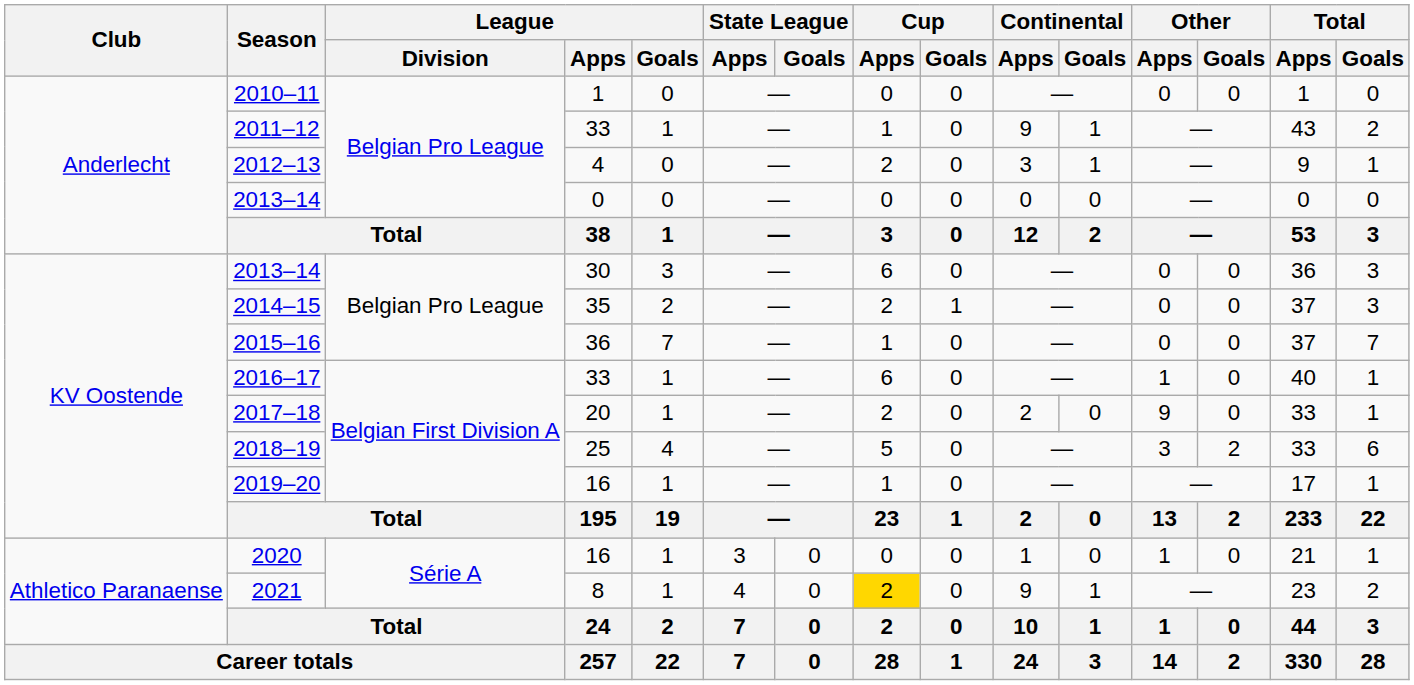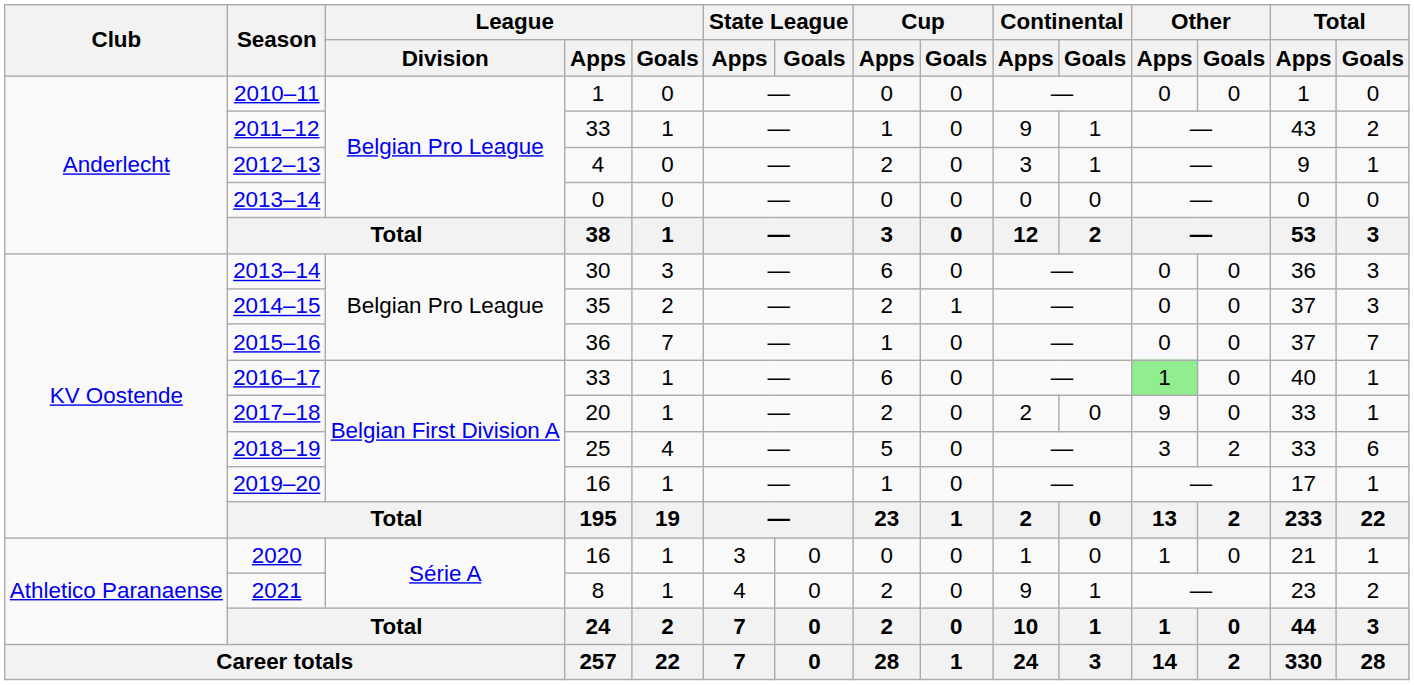 <table class="wikitable" style="text-align: center">
 <tr>
 <th rowspan=2>Club</th>
 <th rowspan=2>Season</th>
 <th colspan=3>League</th>
 <th colspan=2>State League</th>
 <th colspan=2>Cup</th>
 <th colspan=2>Continental</th>
 <th colspan=2>Other</th>
 <th colspan=2>Total</th>
 </tr>
 <tr>
 <th>Division</th>
 <th>Apps</th>
 <th>Goals</th>
 <th>Apps</th>
 <th>Goals</th>
 <th>Apps</th>
 <th>Goals</th>
 <th>Apps</th>
 <th>Goals</th>
 <th>Apps</th>
 <th>Goals</th>
 <th>Apps</th>
 <th>Goals</th>
 </tr>
 <tr>
 <td rowspan=5><a href='#'>Anderlecht</a></td>
 <td><a href='#'>2010–11</a></td>
 <td rowspan=4><a href='#'>Belgian Pro League</a></td>
 <td>1</td>
 <td>0</td>
 <td colspan="2">—</td>
 <td>0</td>
 <td>0</td>
 <td colspan="2">—</td>
 <td>0</td>
 <td>0</td>
 <td>1</td>
 <td>0</td>
 </tr>
 <tr>
 <td><a href='#'>2011–12</a></td>
 <td>33</td>
 <td>1</td>
 <td colspan="2">—</td>
 <td>1</td>
 <td>0</td>
 <td>9</td>
 <td>1</td>
 <td colspan="2">—</td>
 <td>43</td>
 <td>2</td>
 </tr>
 <tr>
 <td><a href='#'>2012–13</a></td>
 <td>4</td>
 <td>0</td>
 <td colspan="2">—</td>
 <td>2</td>
 <td>0</td>
 <td>3</td>
 <td>1</td>
 <td colspan="2">—</td>
 <td>9</td>
 <td>1</td>
 </tr>
 <tr>
 <td><a href='#'>2013–14</a></td>
 <td>0</td>
 <td>0</td>
 <td colspan="2">—</td>
 <td>0</td>
 <td>0</td>
 <td>0</td>
 <td>0</td>
 <td colspan="2">—</td>
 <td>0</td>
 <td>0</td>
 </tr>
 <tr>
 <th colspan=2>Total</th>
 <th>38</th>
 <th>1</th>
 <th colspan="2">—</th>
 <th>3</th>
 <th>0</th>
 <th>12</th>
 <th>2</th>
 <th colspan="2">—</th>
 <th>53</th>
 <th>3</th>
 </tr>
 <tr>
 <td rowspan=8><a href='#'>KV Oostende</a></td>
 <td><a href='#'>2013–14</a></td>
 <td rowspan=3>Belgian Pro League</td>
 <td>30</td>
 <td>3</td>
 <td colspan="2">—</td>
 <td>6</td>
 <td>0</td>
 <td colspan="2">—</td>
 <td>0</td>
 <td>0</td>
 <td>36</td>
 <td>3</td>
 </tr>
 <tr>
 <td><a href='#'>2014–15</a></td>
 <td>35</td>
 <td>2</td>
 <td colspan="2">—</td>
 <td>2</td>
 <td>1</td>
 <td colspan="2">—</td>
 <td>0</td>
 <td>0</td>
 <td>37</td>
 <td>3</td>
 </tr>
 <tr>
 <td><a href='#'>2015–16</a></td>
 <td>36</td>
 <td>7</td>
 <td colspan="2">—</td>
 <td>1</td>
 <td>0</td>
 <td colspan="2">—</td>
 <td>0</td>
 <td>0</td>
 <td>37</td>
 <td>7</td>
 </tr>
 <tr>
 <td><a href='#'>2016–17</a></td>
 <td rowspan=4><a href='#'>Belgian First Division A</a></td>
 <td>33</td>
 <td>1</td>
 <td colspan="2">—</td>
 <td>6</td>
 <td>0</td>
 <td colspan="2">—</td>
-<td>1</td>
+<td style="background: lightgreen;">1</td>
 <td>0</td>
 <td>40</td>
 <td>1</td>
 </tr>
 <tr>
 <td><a href='#'>2017–18</a></td>
 <td>20</td>
 <td>1</td>
 <td colspan="2">—</td>
 <td>2</td>
 <td>0</td>
 <td>2</td>
 <td>0</td>
 <td>9</td>
 <td>0</td>
 <td>33</td>
 <td>1</td>
 </tr>
 <tr>
 <td><a href='#'>2018–19</a></td>
 <td>25</td>
 <td>4</td>
 <td colspan="2">—</td>
 <td>5</td>
 <td>0</td>
 <td colspan="2">—</td>
 <td>3</td>
 <td>2</td>
 <td>33</td>
 <td>6</td>
 </tr>
 <tr>
 <td><a href='#'>2019–20</a></td>
 <td>16</td>
 <td>1</td>
 <td colspan="2">—</td>
 <td>1</td>
 <td>0</td>
 <td colspan="2">—</td>
 <td colspan="2">—</td>
 <td>17</td>
 <td>1</td>
 </tr>
 <tr>
 <th colspan=2>Total</th>
 <th>195</th>
 <th>19</th>
 <th colspan="2">—</th>
 <th>23</th>
 <th>1</th>
 <th>2</th>
 <th>0</th>
 <th>13</th>
 <th>2</th>
 <th>233</th>
 <th>22</th>
 </tr>
 <tr>
 <td rowspan="3"><a href='#'>Athletico Paranaense</a></td>
 <td><a href='#'>2020</a></td>
 <td rowspan="2"><a href='#'>Série A</a></td>
 <td>16</td>
 <td>1</td>
 <td>3</td>
 <td>0</td>
 <td>0</td>
 <td>0</td>
 <td>1</td>
 <td>0</td>
 <td>1</td>
 <td>0</td>
 <td>21</td>
 <td>1</td>
 </tr>
 <tr>
 <td><a href='#'>2021</a></td>
 <td>8</td>
 <td>1</td>
 <td>4</td>
 <td>0</td>
-<td style="background: gold;">2</td>
+<td>2</td>
 <td>0</td>
 <td>9</td>
 <td>1</td>
 <td colspan="2">—</td>
 <td>23</td>
 <td>2</td>
 </tr>
 <tr>
 <th colspan=2>Total</th>
 <th>24</th>
 <th>2</th>
 <th>7</th>
 <th>0</th>
 <th>2</th>
 <th>0</th>
 <th>10</th>
 <th>1</th>
 <th>1</th>
 <th>0</th>
 <th>44</th>
 <th>3</th>
 </tr>
 <tr>
 <th colspan=3>Career totals</th>
 <th>257</th>
 <th>22</th>
 <th>7</th>
 <th>0</th>
 <th>28</th>
 <th>1</th>
 <th>24</th>
 <th>3</th>
 <th>14</th>
 <th>2</th>
 <th>330</th>
 <th>28</th>
 </tr>
 </table>
